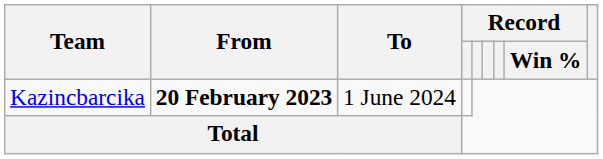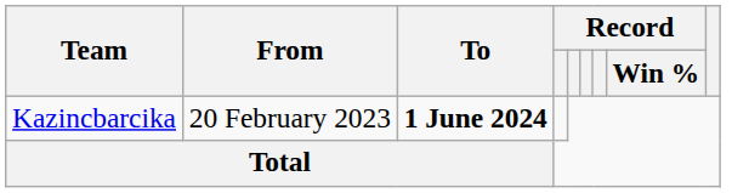 <table class=wikitable style=text-align:center>
 <tr>
 <th rowspan=2>Team</th>
 <th rowspan=2>From</th>
 <th rowspan=2>To</th>
 <th colspan=5>Record</th>
 <th rowspan=2></th>
 </tr>
 <tr>
 <th></th>
 <th></th>
 <th></th>
 <th></th>
 <th>Win %</th>
 </tr>
 <tr>
 <td align=left><a href='#'>Kazincbarcika</a></td>
-<td align=left><strong>20 February 2023</strong></td>
-<td align=left>1 June 2024<br></td>
+<td align=left>20 February 2023</td>
+<td align=left><strong>1 June 2024<br></strong></td>
 <td></td>
 </tr>
 <tr>
 <th colspan=3>Total<br></th>
 </tr>
 </table>
